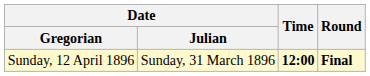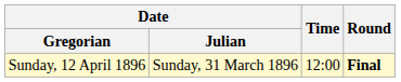 <table class="wikitable">
 <tr>
 <th colspan=2>Date</th>
 <th rowspan=2>Time</th>
 <th rowspan=2>Round</th>
 </tr>
 <tr>
 <th>Gregorian</th>
 <th>Julian</th>
 </tr>
 <tr style=background:lemonchiffon>
 <td>Sunday, 12 April 1896</td>
 <td>Sunday, 31 March 1896</td>
-<td><strong>12:00</strong></td>
+<td>12:00</td>
 <td><strong>Final</strong></td>
 </tr>
 </table>
